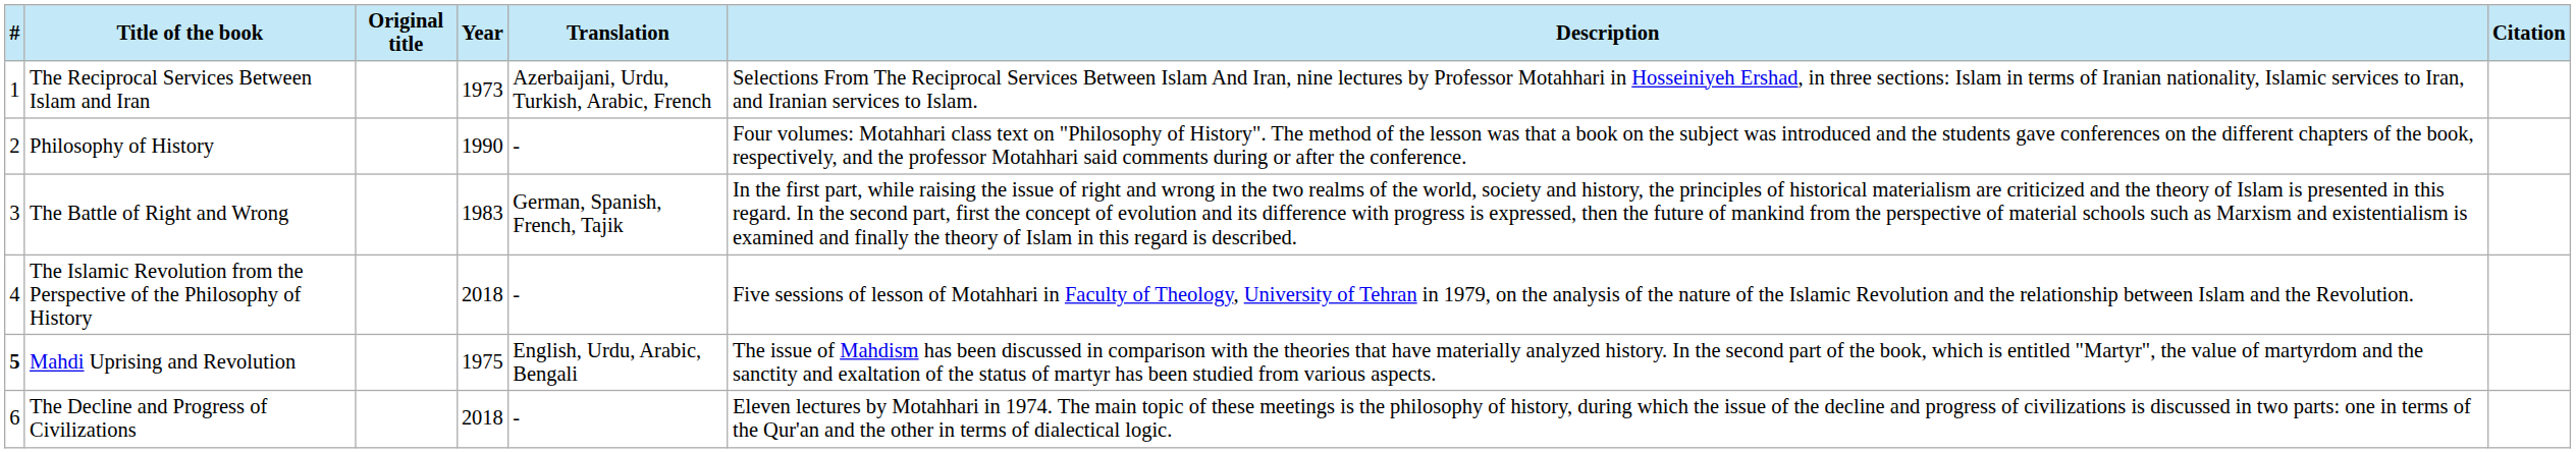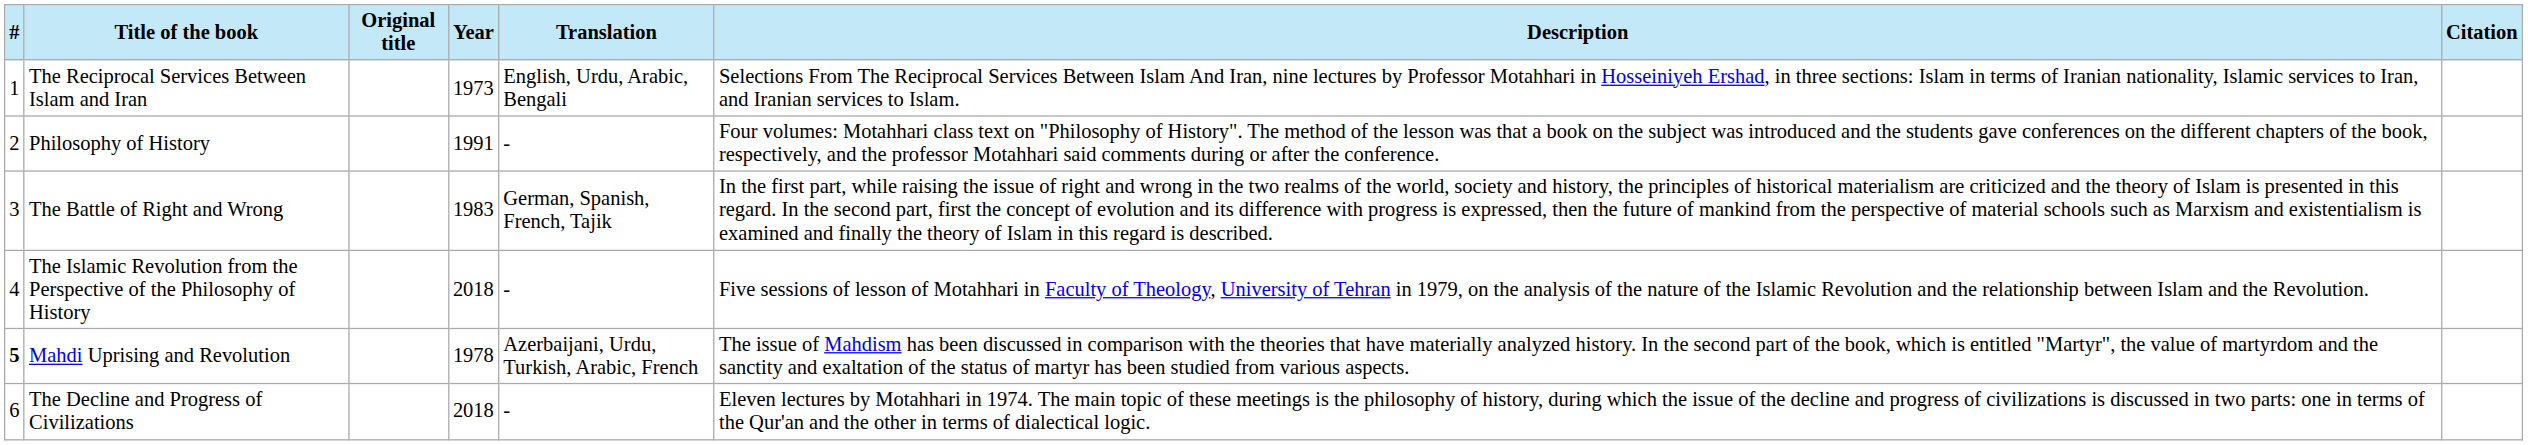 <table class="wikitable" style="background-color:#ffffff; color:#000000">
 <tr>
 <th style="background-color:#c3e8f7;">#</th>
 <th style="background-color:#c3e8f7;">Title of the book</th>
 <th style="background-color:#c3e8f7;">Original title</th>
 <th style="background-color:#c3e8f7;">Year</th>
 <th style="background-color:#c3e8f7;">Translation</th>
 <th style="background-color:#c3e8f7;">Description</th>
 <th style="background-color:#c3e8f7;">Citation</th>
 </tr>
 <tr>
 <td>1</td>
 <td>The Reciprocal Services Between Islam and Iran</td>
 <td></td>
 <td>1973</td>
-<td>Azerbaijani, Urdu, Turkish, Arabic, French</td>
+<td>English, Urdu, Arabic, Bengali</td>
 <td>Selections From The Reciprocal Services Between Islam And Iran, nine lectures by Professor Motahhari in <a href='#'>Hosseiniyeh Ershad</a>, in three sections: Islam in terms of Iranian nationality, Islamic services to Iran, and Iranian services to Islam.</td>
 <td></td>
 </tr>
 <tr>
 <td>2</td>
 <td>Philosophy of History</td>
 <td></td>
-<td>1990</td>
+<td>1991</td>
 <td>-</td>
 <td>Four volumes: Motahhari class text on "Philosophy of History". The method of the lesson was that a book on the subject was introduced and the students gave conferences on the different chapters of the book, respectively, and the professor Motahhari said comments during or after the conference.</td>
 <td></td>
 </tr>
 <tr>
 <td>3</td>
 <td>The Battle of Right and Wrong</td>
 <td></td>
 <td>1983</td>
 <td>German, Spanish, French, Tajik</td>
 <td>In the first part, while raising the issue of right and wrong in the two realms of the world, society and history, the principles of historical materialism are criticized and the theory of Islam is presented in this regard. In the second part, first the concept of evolution and its difference with progress is expressed, then the future of mankind from the perspective of material schools such as Marxism and existentialism is examined and finally the theory of Islam in this regard is described.</td>
 <td></td>
 </tr>
 <tr>
 <td>4</td>
 <td>The Islamic Revolution from the Perspective of the Philosophy of History</td>
 <td></td>
 <td>2018</td>
 <td>-</td>
 <td>Five sessions of lesson of Motahhari in <a href='#'>Faculty of Theology</a>, <a href='#'>University of Tehran</a> in 1979, on the analysis of the nature of the Islamic Revolution and the relationship between Islam and the Revolution.</td>
 <td></td>
 </tr>
 <tr>
 <td><strong>5</strong></td>
 <td><a href='#'>Mahdi</a> Uprising and Revolution</td>
 <td></td>
-<td>1975</td>
-<td>English, Urdu, Arabic, Bengali</td>
+<td>1978</td>
+<td>Azerbaijani, Urdu, Turkish, Arabic, French</td>
 <td>The issue of <a href='#'>Mahdism</a> has been discussed in comparison with the theories that have materially analyzed history. In the second part of the book, which is entitled "Martyr", the value of martyrdom and the sanctity and exaltation of the status of martyr has been studied from various aspects.</td>
 <td></td>
 </tr>
 <tr>
 <td>6</td>
 <td>The Decline and Progress of Civilizations</td>
 <td></td>
 <td>2018</td>
 <td>-</td>
 <td>Eleven lectures by Motahhari in 1974. The main topic of these meetings is the philosophy of history, during which the issue of the decline and progress of civilizations is discussed in two parts: one in terms of the Qur'an and the other in terms of dialectical logic.</td>
 <td></td>
 </tr>
 </table>
